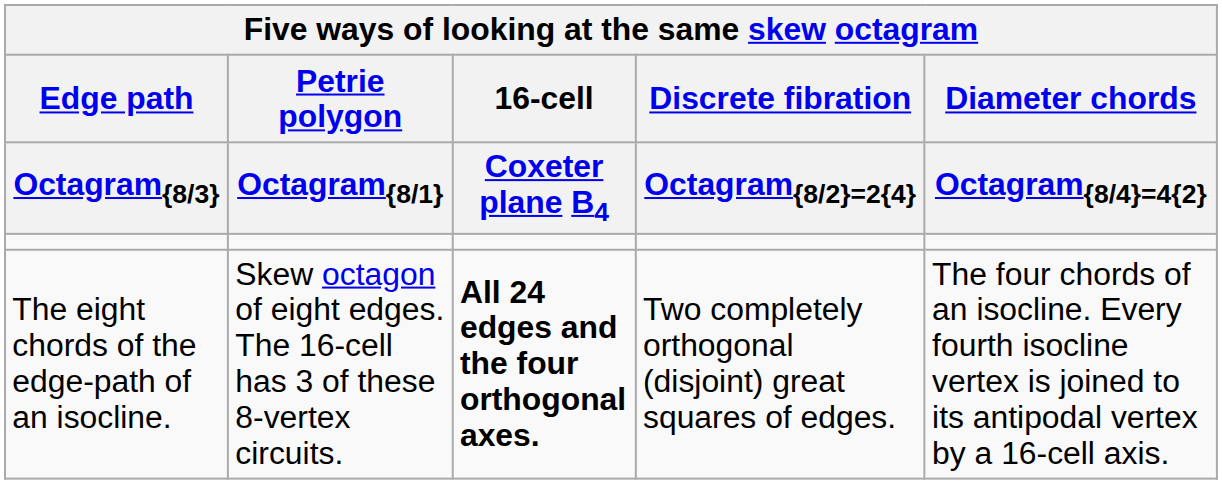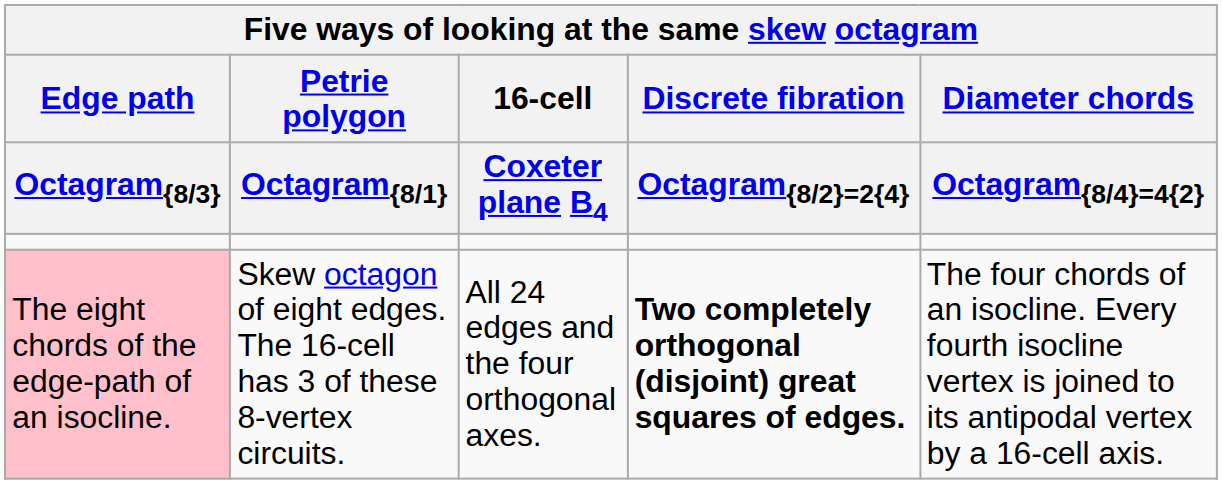 <table class="wikitable" width=610>
 <tr>
 <th colspan=5>Five ways of looking at the same <a href='#'>skew</a> <a href='#'>octagram</a></th>
 </tr>
 <tr>
 <th><a href='#'>Edge path</a></th>
 <th><a href='#'>Petrie polygon</a></th>
 <th>16-cell</th>
 <th><a href='#'>Discrete fibration</a></th>
 <th><a href='#'>Diameter chords</a></th>
 </tr>
 <tr>
 <th><a href='#'>Octagram</a><sub>{8/3}</sub></th>
 <th><a href='#'>Octagram</a><sub>{8/1}</sub></th>
 <th><a href='#'>Coxeter plane</a> <a href='#'>B<sub>4</sub></a></th>
 <th><a href='#'>Octagram</a><sub>{8/2}=2{4}</sub></th>
 <th><a href='#'>Octagram</a><sub>{8/4}=4{2}</sub></th>
 </tr>
 <tr>
 <td align=center></td>
 <td align=center></td>
 <td align=center></td>
 <td align=center></td>
 <td align=center></td>
 </tr>
 <tr>
-<td>The eight  chords of the edge-path of an isocline.</td>
+<td style="background: pink;">The eight  chords of the edge-path of an isocline.</td>
 <td>Skew <a href='#'>octagon</a> of eight  edges. The 16-cell has 3 of these 8-vertex circuits.</td>
-<td><strong>All 24  edges and the four  orthogonal axes.</strong></td>
-<td>Two completely orthogonal (disjoint) great squares of  edges.</td>
+<td>All 24  edges and the four  orthogonal axes.</td>
+<td><strong>Two completely orthogonal (disjoint) great squares of  edges.</strong></td>
 <td>The four  chords of an isocline. Every fourth isocline vertex is joined to its antipodal vertex by a 16-cell axis.</td>
 </tr>
 </table>
